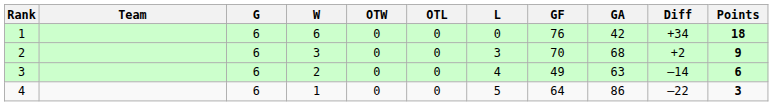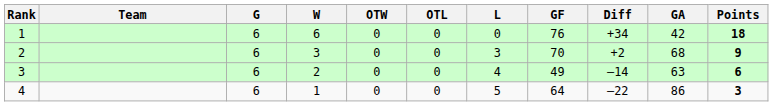 <table class=wikitable style="text-align:center">
 <tr>
 <th width="25">Rank</th>
 <th width="200">Team</th>
 <th width="60">G</th>
 <th width="60">W</th>
 <th width="60">OTW</th>
 <th width="60">OTL</th>
 <th width="60">L</th>
 <th width="60">GF</th>
+<th width="60">Diff</th>
 <th width="60">GA</th>
-<th width="60">Diff</th>
 <th width="60">Points</th>
 </tr>
 <tr bgcolor=#CCFFCC>
 <td>1</td>
 <td align=left></td>
 <td>6</td>
 <td>6</td>
 <td>0</td>
 <td>0</td>
 <td>0</td>
 <td>76</td>
+<td>+34</td>
 <td>42</td>
-<td>+34</td>
 <td><strong>18</strong></td>
 </tr>
 <tr bgcolor=#CCFFCC>
 <td>2</td>
 <td align=left></td>
 <td>6</td>
 <td>3</td>
 <td>0</td>
 <td>0</td>
 <td>3</td>
 <td>70</td>
+<td>+2</td>
 <td>68</td>
-<td>+2</td>
 <td><strong>9</strong></td>
 </tr>
 <tr bgcolor=#CCFFCC>
 <td>3</td>
 <td align=left></td>
 <td>6</td>
 <td>2</td>
 <td>0</td>
 <td>0</td>
 <td>4</td>
 <td>49</td>
+<td>–14</td>
 <td>63</td>
-<td>–14</td>
 <td><strong>6</strong></td>
 </tr>
 <tr>
 <td>4</td>
 <td align=left></td>
 <td>6</td>
 <td>1</td>
 <td>0</td>
 <td>0</td>
 <td>5</td>
 <td>64</td>
+<td>–22</td>
 <td>86</td>
-<td>–22</td>
 <td><strong>3</strong></td>
 </tr>
 </table>
